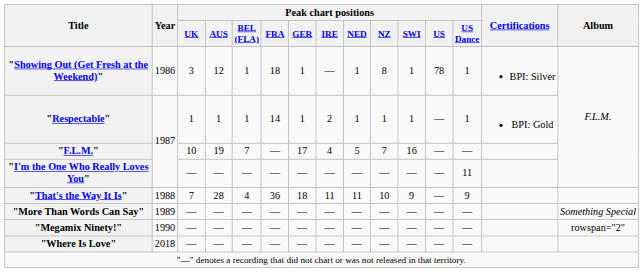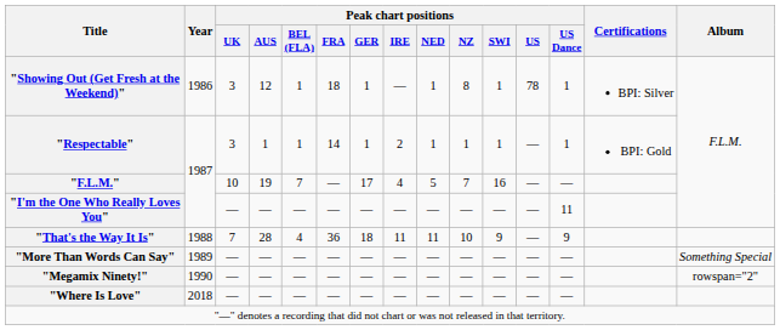 <table class="wikitable plainrowheaders" style="text-align:center;">
 <tr>
 <th scope="col" rowspan="2" style="width:14em;">Title</th>
 <th scope="col" rowspan="2">Year</th>
 <th scope="col" colspan="11">Peak chart positions</th>
 <th scope="col" rowspan="2"><a href='#'>Certifications</a></th>
 <th scope="col" rowspan="2">Album</th>
 </tr>
 <tr>
 <th scope="col" style="width:2.5em;font-size:90%;"><a href='#'>UK</a><br></th>
 <th scope="col" style="width:2.5em;font-size:90%;"><a href='#'>AUS</a><br></th>
 <th scope="col" style="width:2.5em;font-size:90%;"><a href='#'>BEL<br>(FLA)</a><br></th>
 <th scope="col" style="width:2.5em;font-size:90%;"><a href='#'>FRA</a><br></th>
 <th scope="col" style="width:2.5em;font-size:90%;"><a href='#'>GER</a><br></th>
 <th scope="col" style="width:2.5em;font-size:90%;"><a href='#'>IRE</a><br></th>
 <th scope="col" style="width:2.5em;font-size:90%;"><a href='#'>NED</a><br></th>
 <th scope="col" style="width:2.5em;font-size:90%;"><a href='#'>NZ</a><br></th>
 <th scope="col" style="width:2.5em;font-size:90%;"><a href='#'>SWI</a><br></th>
 <th scope="col" style="width:2.5em;font-size:90%;"><a href='#'>US</a><br></th>
 <th scope="col" style="width:2.5em;font-size:90%;"><a href='#'>US Dance</a><br></th>
 </tr>
 <tr>
 <th scope="row">"<a href='#'>Showing Out (Get Fresh at the Weekend)</a>"</th>
 <td>1986</td>
 <td>3</td>
 <td>12</td>
 <td>1</td>
 <td>18</td>
 <td>1</td>
 <td>—</td>
 <td>1</td>
 <td>8</td>
 <td>1</td>
 <td>78</td>
 <td>1</td>
 <td><br><ul><li>BPI: Silver</li></ul></td>
 <td rowspan="4"><em>F.L.M.</em></td>
 </tr>
 <tr>
 <th scope="row">"<a href='#'>Respectable</a>"</th>
 <td rowspan="3">1987</td>
-<td>1</td>
+<td>3</td>
 <td>1</td>
 <td>1</td>
 <td>14</td>
 <td>1</td>
 <td>2</td>
 <td>1</td>
 <td>1</td>
 <td>1</td>
 <td>—</td>
 <td>1</td>
 <td><br><ul><li>BPI: Gold</li></ul></td>
 </tr>
 <tr>
 <th scope="row">"<a href='#'>F.L.M.</a>"</th>
 <td>10</td>
 <td>19</td>
 <td>7</td>
 <td>—</td>
 <td>17</td>
 <td>4</td>
 <td>5</td>
 <td>7</td>
 <td>16</td>
 <td>—</td>
 <td>—</td>
 <td></td>
 </tr>
 <tr>
 <th scope="row">"<a href='#'>I'm the One Who Really Loves You</a>"<br></th>
 <td>—</td>
 <td>—</td>
 <td>—</td>
 <td>—</td>
 <td>—</td>
 <td>—</td>
 <td>—</td>
 <td>—</td>
 <td>—</td>
 <td>—</td>
 <td>11</td>
 <td></td>
 </tr>
 <tr>
 <th scope="row">"<a href='#'>That's the Way It Is</a>"</th>
 <td>1988</td>
 <td>7</td>
 <td>28</td>
 <td>4</td>
 <td>36</td>
 <td>18</td>
 <td>11</td>
 <td>11</td>
 <td>10</td>
 <td>9</td>
 <td>—</td>
 <td>9</td>
 <td></td>
 <td></td>
 </tr>
 <tr>
 <th scope="row">"More Than Words Can Say"<br></th>
 <td>1989</td>
 <td>—</td>
 <td>—</td>
 <td>—</td>
 <td>—</td>
 <td>—</td>
 <td>—</td>
 <td>—</td>
 <td>—</td>
 <td>—</td>
 <td>—</td>
 <td>—</td>
 <td></td>
 <td><em>Something Special</em></td>
 </tr>
 <tr>
 <th scope="row">"Megamix Ninety!"<br></th>
 <td>1990</td>
 <td>—</td>
 <td>—</td>
 <td>—</td>
 <td>—</td>
 <td>—</td>
 <td>—</td>
 <td>—</td>
 <td>—</td>
 <td>—</td>
 <td>—</td>
 <td>—</td>
 <td></td>
 <td>rowspan="2" </td>
 </tr>
 <tr>
 <th scope="row">"Where Is Love"</th>
 <td>2018</td>
 <td>—</td>
 <td>—</td>
 <td>—</td>
 <td>—</td>
 <td>—</td>
 <td>—</td>
 <td>—</td>
 <td>—</td>
 <td>—</td>
 <td>—</td>
 <td>—</td>
 <td></td>
 </tr>
 <tr>
 <td colspan="17" style="font-size:90%">"—" denotes a recording that did not chart or was not released in that territory.</td>
 </tr>
 </table>
